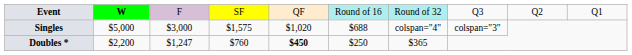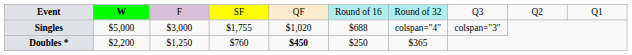 <table class=wikitable style=font-size:90%;text-align:center>
 <tr>
 <td style="width:130px; background:#dfe2e9;"><strong>Event</strong></td>
 <td style="width:80px; background:lime;"><strong>W</strong></td>
 <td style="width:85px; background:thistle;">F</td>
 <td style="width:85px; background:#ff0;">SF</td>
 <td style="width:85px; background:#ffebcd;">QF</td>
 <td style="width:85px; background:#afeeee;">Round of 16</td>
 <td style="width:85px; background:#afeeee;">Round of 32</td>
 <td width=85>Q3</td>
 <td width=85>Q2</td>
 <td width=85>Q1</td>
 </tr>
 <tr>
 <td style="background:#dfe2e9;"><strong>Singles</strong></td>
 <td>$5,000</td>
 <td>$3,000</td>
-<td>$1,575</td>
+<td>$1,755</td>
 <td>$1,020</td>
 <td>$688</td>
 <td>colspan="4" </td>
 <td>colspan="3" </td>
 </tr>
 <tr>
 <td style="background:#dfe2e9;"><strong>Doubles *</strong></td>
 <td>$2,200</td>
-<td>$1,247</td>
+<td>$1,250</td>
 <td>$760</td>
 <td><strong>$450</strong></td>
 <td>$250</td>
 <td>$365</td>
 </tr>
 </table>
